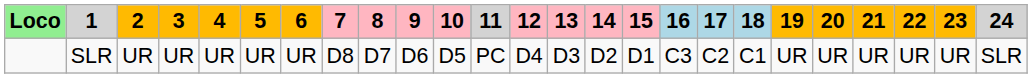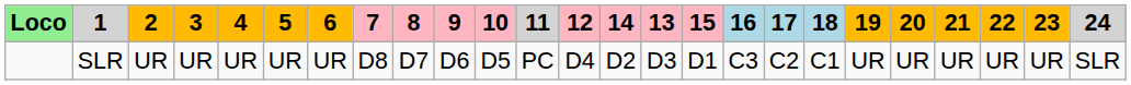 <table class="wikitable plainrowheaders unsortable" style="text-align:center">
 <tr>
 <th style="background:lightgreen;">Loco</th>
 <th style="background:lightgrey;">1</th>
 <th style="background:#FFBA01;">2</th>
 <th style="background:#FFBA01;">3</th>
 <th style="background:#FFBA01;">4</th>
 <th style="background:#FFBA01;">5</th>
 <th style="background:#FFBA01;">6</th>
 <th style="background:lightpink;">7</th>
 <th style="background:lightpink;">8</th>
 <th style="background:lightpink;">9</th>
 <th style="background:lightpink;">10</th>
 <th style="background:lightgrey;">11</th>
 <th style="background:lightpink;">12</th>
+<th style="background:lightpink;">14</th>
 <th style="background:lightpink;">13</th>
-<th style="background:lightpink;">14</th>
 <th style="background:lightpink;">15</th>
 <th style="background:lightblue;">16</th>
 <th style="background:lightblue;">17</th>
 <th style="background:lightblue;">18</th>
 <th style="background:#FFBA01;">19</th>
 <th style="background:#FFBA01;">20</th>
 <th style="background:#FFBA01;">21</th>
 <th style="background:#FFBA01;">22</th>
 <th style="background:#FFBA01;">23</th>
 <th style="background:lightgrey;">24</th>
 </tr>
 <tr>
 <td></td>
 <td>SLR</td>
 <td>UR</td>
 <td>UR</td>
 <td>UR</td>
 <td>UR</td>
 <td>UR</td>
 <td>D8</td>
 <td>D7</td>
 <td>D6</td>
 <td>D5</td>
 <td>PC</td>
 <td>D4</td>
+<td>D2</td>
 <td>D3</td>
-<td>D2</td>
 <td>D1</td>
 <td>C3</td>
 <td>C2</td>
 <td>C1</td>
 <td>UR</td>
 <td>UR</td>
 <td>UR</td>
 <td>UR</td>
 <td>UR</td>
 <td>SLR</td>
 </tr>
 </table>
